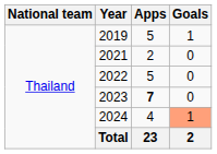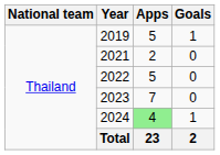 <table class="wikitable" style="text-align:center">
 <tr>
 <th>National team</th>
 <th>Year</th>
 <th>Apps</th>
 <th>Goals</th>
 </tr>
 <tr>
 <td rowspan="8" valign="center"><a href='#'>Thailand</a></td>
 <td>2019</td>
 <td>5</td>
 <td>1</td>
 </tr>
 <tr>
 <td>2021</td>
 <td>2</td>
 <td>0</td>
 </tr>
 <tr>
 <td>2022</td>
 <td>5</td>
 <td>0</td>
 </tr>
 <tr>
 <td>2023</td>
-<td><strong>7</strong></td>
+<td>7</td>
 <td>0</td>
 </tr>
 <tr>
 <td>2024</td>
-<td>4</td>
-<td style="background: lightsalmon;">1</td>
+<td style="background: lightgreen;">4</td>
+<td>1</td>
 </tr>
 <tr>
 <th>Total</th>
 <th>23</th>
 <th>2</th>
 </tr>
 </table>
